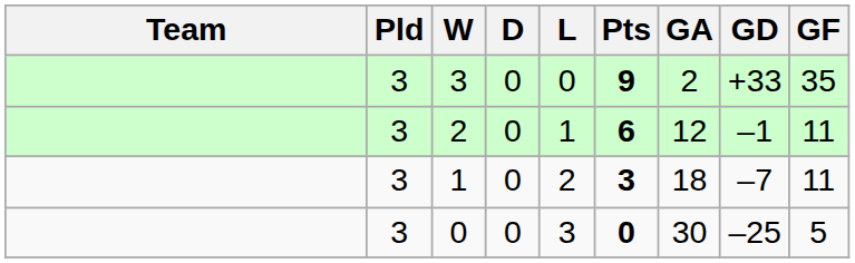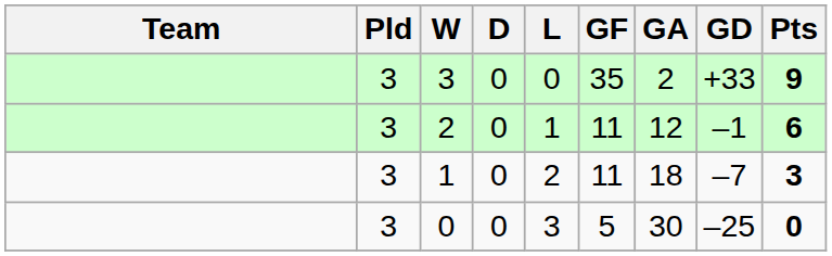 <table class="wikitable" style="text-align: center;">
 <tr>
 <th width="175">Team</th>
 <th width="20">Pld</th>
 <th width="20">W</th>
 <th width="20">D</th>
 <th width="20">L</th>
-<th width="20">Pts<br></th>
+<th width="20">GF</th>
 <th width="20">GA</th>
 <th width="20">GD</th>
-<th width="20">GF</th>
+<th width="20">Pts<br></th>
 </tr>
 <tr align=center bgcolor="ccffcc">
 <td style="text-align:left;"></td>
 <td>3</td>
 <td>3</td>
 <td>0</td>
 <td>0</td>
-<td><strong>9</strong></td>
+<td>35</td>
 <td>2</td>
 <td>+33</td>
-<td>35</td>
+<td><strong>9</strong></td>
 </tr>
 <tr align=center bgcolor="ccffcc">
 <td style="text-align:left;"></td>
 <td>3</td>
 <td>2</td>
 <td>0</td>
 <td>1</td>
-<td><strong>6</strong></td>
+<td>11</td>
 <td>12</td>
 <td>–1</td>
-<td>11</td>
+<td><strong>6</strong></td>
 </tr>
 <tr align=center>
 <td style="text-align:left;"></td>
 <td>3</td>
 <td>1</td>
 <td>0</td>
 <td>2</td>
-<td><strong>3</strong></td>
+<td>11</td>
 <td>18</td>
 <td>–7</td>
-<td>11</td>
+<td><strong>3</strong></td>
 </tr>
 <tr align=center>
 <td style="text-align:left;"></td>
 <td>3</td>
 <td>0</td>
 <td>0</td>
 <td>3</td>
-<td><strong>0</strong></td>
+<td>5</td>
 <td>30</td>
 <td>–25</td>
-<td>5</td>
+<td><strong>0</strong></td>
 </tr>
 </table>
